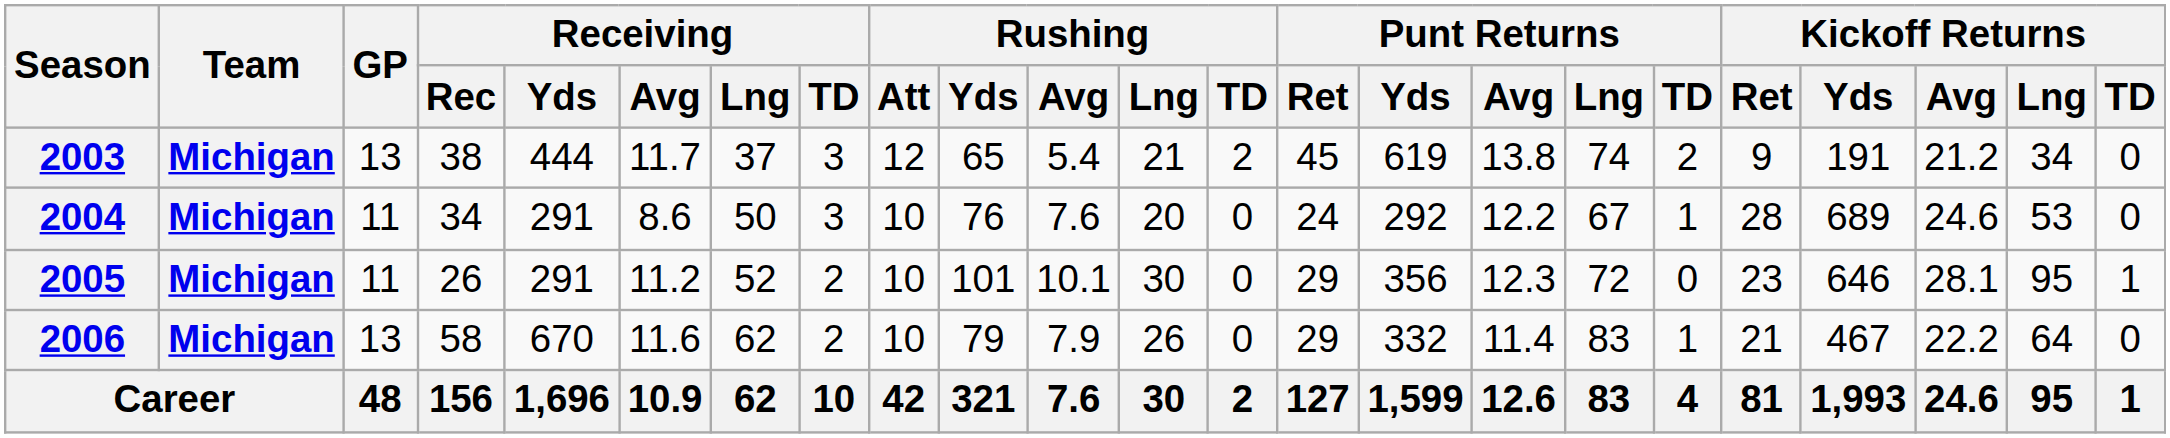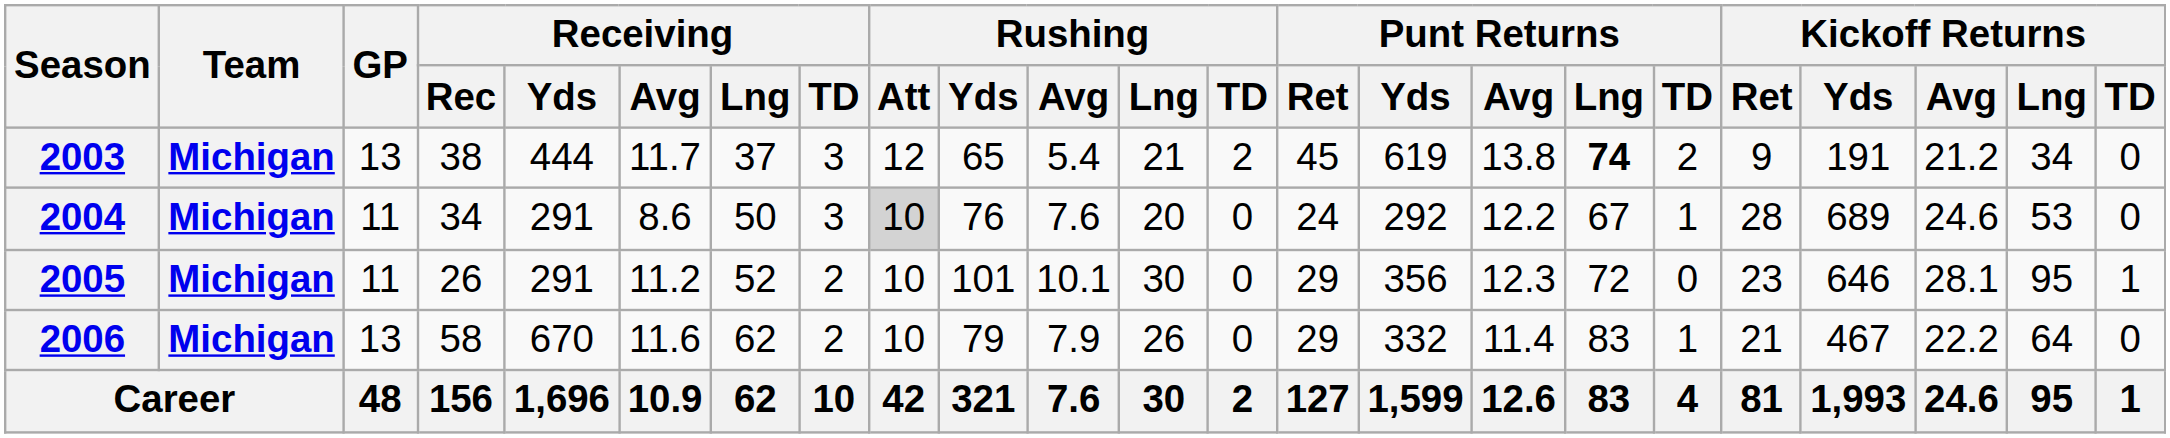 <table class="wikitable" style="text-align:center;">
 <tr>
 <th rowspan="2">Season</th>
 <th rowspan="2">Team</th>
 <th rowspan="2">GP</th>
 <th colspan="5">Receiving</th>
 <th colspan="5">Rushing</th>
 <th colspan="5">Punt Returns</th>
 <th colspan="5">Kickoff Returns</th>
 </tr>
 <tr>
 <th>Rec</th>
 <th>Yds</th>
 <th>Avg</th>
 <th>Lng</th>
 <th>TD</th>
 <th>Att</th>
 <th>Yds</th>
 <th>Avg</th>
 <th>Lng</th>
 <th>TD</th>
 <th>Ret</th>
 <th>Yds</th>
 <th>Avg</th>
 <th>Lng</th>
 <th>TD</th>
 <th>Ret</th>
 <th>Yds</th>
 <th>Avg</th>
 <th>Lng</th>
 <th>TD</th>
 </tr>
 <tr>
 <th><a href='#'>2003</a></th>
 <th><a href='#'>Michigan</a></th>
 <td>13</td>
 <td>38</td>
 <td>444</td>
 <td>11.7</td>
 <td>37</td>
 <td>3</td>
 <td>12</td>
 <td>65</td>
 <td>5.4</td>
 <td>21</td>
 <td>2</td>
 <td>45</td>
 <td>619</td>
 <td>13.8</td>
-<td>74</td>
+<td><strong>74</strong></td>
 <td>2</td>
 <td>9</td>
 <td>191</td>
 <td>21.2</td>
 <td>34</td>
 <td>0</td>
 </tr>
 <tr>
 <th><a href='#'>2004</a></th>
 <th><a href='#'>Michigan</a></th>
 <td>11</td>
 <td>34</td>
 <td>291</td>
 <td>8.6</td>
 <td>50</td>
 <td>3</td>
-<td>10</td>
+<td style="background: lightgrey;">10</td>
 <td>76</td>
 <td>7.6</td>
 <td>20</td>
 <td>0</td>
 <td>24</td>
 <td>292</td>
 <td>12.2</td>
 <td>67</td>
 <td>1</td>
 <td>28</td>
 <td>689</td>
 <td>24.6</td>
 <td>53</td>
 <td>0</td>
 </tr>
 <tr>
 <th><a href='#'>2005</a></th>
 <th><a href='#'>Michigan</a></th>
 <td>11</td>
 <td>26</td>
 <td>291</td>
 <td>11.2</td>
 <td>52</td>
 <td>2</td>
 <td>10</td>
 <td>101</td>
 <td>10.1</td>
 <td>30</td>
 <td>0</td>
 <td>29</td>
 <td>356</td>
 <td>12.3</td>
 <td>72</td>
 <td>0</td>
 <td>23</td>
 <td>646</td>
 <td>28.1</td>
 <td>95</td>
 <td>1</td>
 </tr>
 <tr>
 <th><a href='#'>2006</a></th>
 <th><a href='#'>Michigan</a></th>
 <td>13</td>
 <td>58</td>
 <td>670</td>
 <td>11.6</td>
 <td>62</td>
 <td>2</td>
 <td>10</td>
 <td>79</td>
 <td>7.9</td>
 <td>26</td>
 <td>0</td>
 <td>29</td>
 <td>332</td>
 <td>11.4</td>
 <td>83</td>
 <td>1</td>
 <td>21</td>
 <td>467</td>
 <td>22.2</td>
 <td>64</td>
 <td>0</td>
 </tr>
 <tr>
 <th colspan="2">Career</th>
 <th>48</th>
 <th>156</th>
 <th>1,696</th>
 <th>10.9</th>
 <th>62</th>
 <th>10</th>
 <th>42</th>
 <th>321</th>
 <th>7.6</th>
 <th>30</th>
 <th>2</th>
 <th>127</th>
 <th>1,599</th>
 <th>12.6</th>
 <th>83</th>
 <th>4</th>
 <th>81</th>
 <th>1,993</th>
 <th>24.6</th>
 <th>95</th>
 <th>1</th>
 </tr>
 </table>
